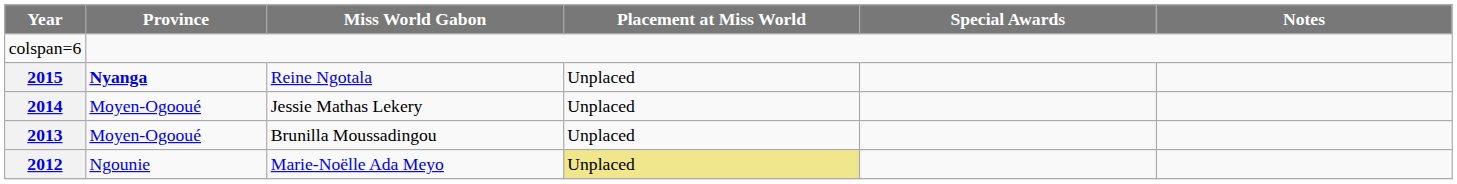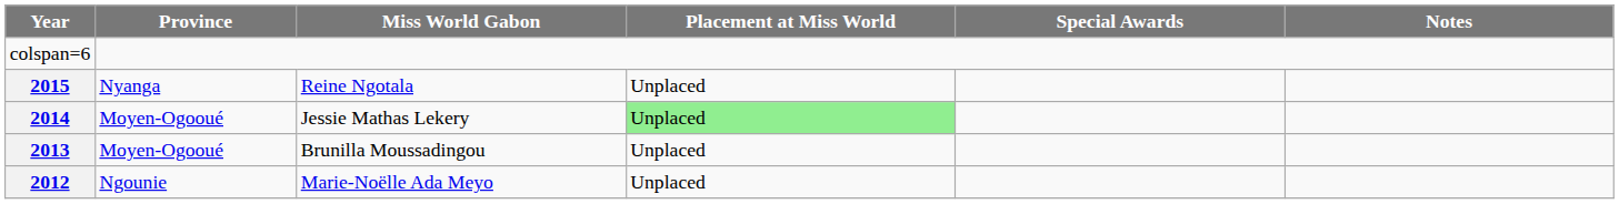 <table class="wikitable " style="font-size: 95%;">
 <tr>
 <th width="60" style="background-color:#787878;color:#FFFFFF;">Year</th>
 <th width="150" style="background-color:#787878;color:#FFFFFF;">Province</th>
 <th width="250" style="background-color:#787878;color:#FFFFFF;">Miss World Gabon</th>
 <th width="250" style="background-color:#787878;color:#FFFFFF;">Placement at Miss World</th>
 <th width="250" style="background-color:#787878;color:#FFFFFF;">Special Awards</th>
 <th width="250" style="background-color:#787878;color:#FFFFFF;">Notes</th>
 </tr>
 <tr>
 <td>colspan=6 </td>
 </tr>
 <tr>
 <th><a href='#'>2015</a></th>
-<td><strong><a href='#'>Nyanga</a></strong></td>
+<td><a href='#'>Nyanga</a></td>
 <td><a href='#'>Reine Ngotala</a></td>
 <td>Unplaced</td>
 <td></td>
 <td></td>
 </tr>
 <tr>
 <th><a href='#'>2014</a></th>
 <td><a href='#'>Moyen-Ogooué</a></td>
 <td>Jessie Mathas Lekery</td>
-<td>Unplaced</td>
+<td style="background: lightgreen;">Unplaced</td>
 <td></td>
 <td></td>
 </tr>
 <tr>
 <th><a href='#'>2013</a></th>
 <td><a href='#'>Moyen-Ogooué</a></td>
 <td>Brunilla Moussadingou</td>
 <td>Unplaced</td>
 <td></td>
 <td></td>
 </tr>
 <tr>
 <th><a href='#'>2012</a></th>
 <td><a href='#'>Ngounie</a></td>
 <td><a href='#'>Marie-Noëlle Ada Meyo</a></td>
-<td style="background: khaki;">Unplaced</td>
+<td>Unplaced</td>
 <td></td>
 <td></td>
 </tr>
 <tr>
 </tr>
 </table>
